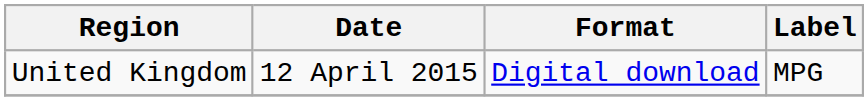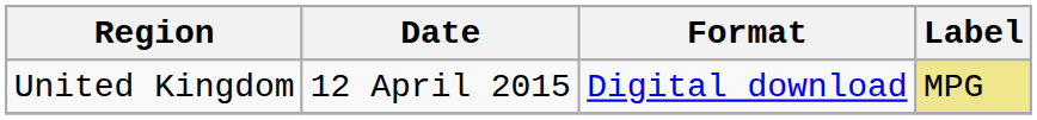 <table class=wikitable>
 <tr>
 <th>Region</th>
 <th>Date</th>
 <th>Format</th>
 <th>Label</th>
 </tr>
 <tr>
 <td>United Kingdom</td>
 <td>12 April 2015</td>
 <td><a href='#'>Digital download</a></td>
-<td>MPG</td>
+<td style="background: khaki;">MPG</td>
 </tr>
 <tr>
 </tr>
 </table>
